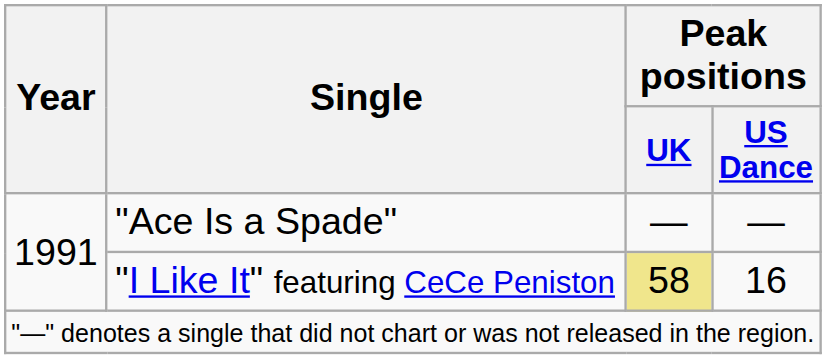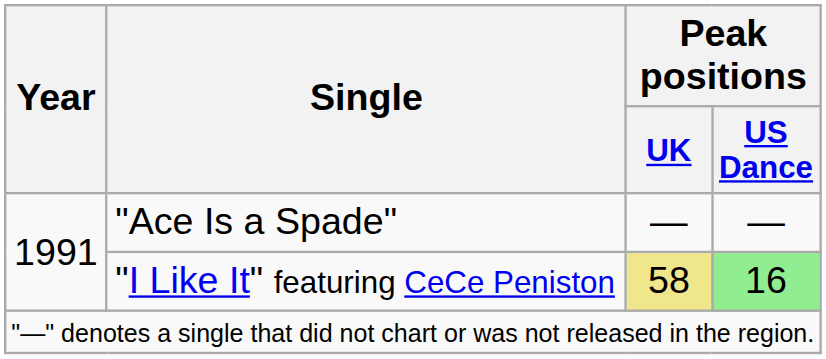 <table class="wikitable" style="text-align:center;">
 <tr>
 <th rowspan="2">Year</th>
 <th rowspan="2">Single</th>
 <th colspan="2">Peak positions</th>
 </tr>
 <tr style="font-size:smaller;">
 <th width="30"><a href='#'>UK</a> <br></th>
 <th width="30"><a href='#'>US <br>Dance</a> <br></th>
 </tr>
 <tr>
 <td rowspan=2>1991</td>
 <td align="left">"Ace Is a Spade"</td>
 <td>—</td>
 <td>—</td>
 </tr>
 <tr>
 <td align="left">"<a href='#'>I Like It</a>" <small>featuring <a href='#'>CeCe Peniston</a></small></td>
 <td style="background: khaki;">58</td>
-<td>16</td>
+<td style="background: lightgreen;">16</td>
 </tr>
 <tr>
 <td colspan="4" style="font-size: 8pt">"—" denotes a single that did not chart or was not released in the region.</td>
 </tr>
 </table>
